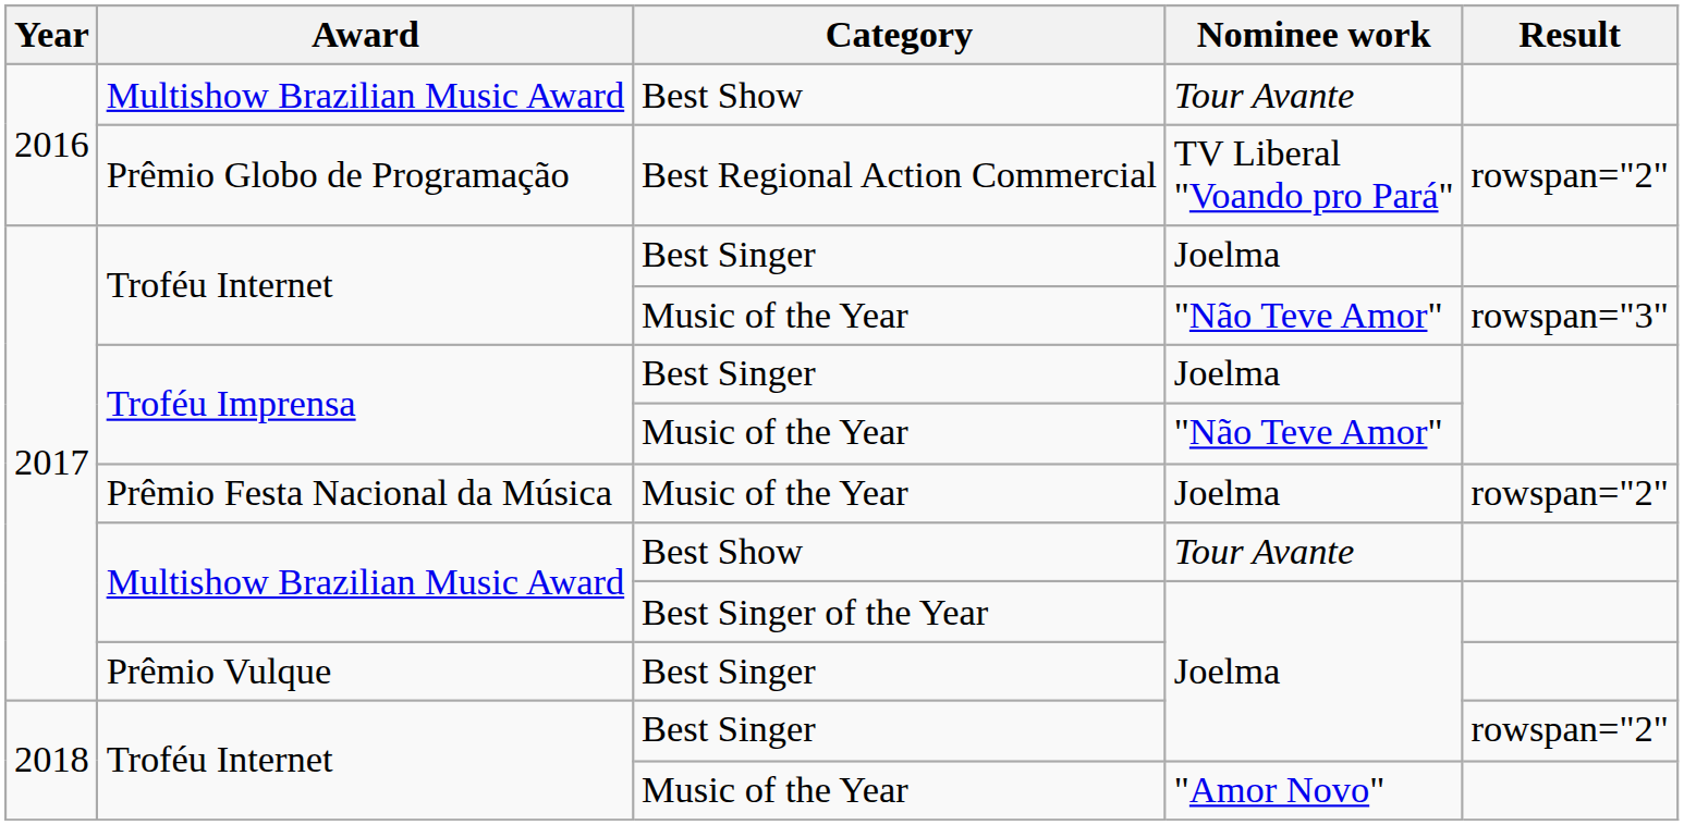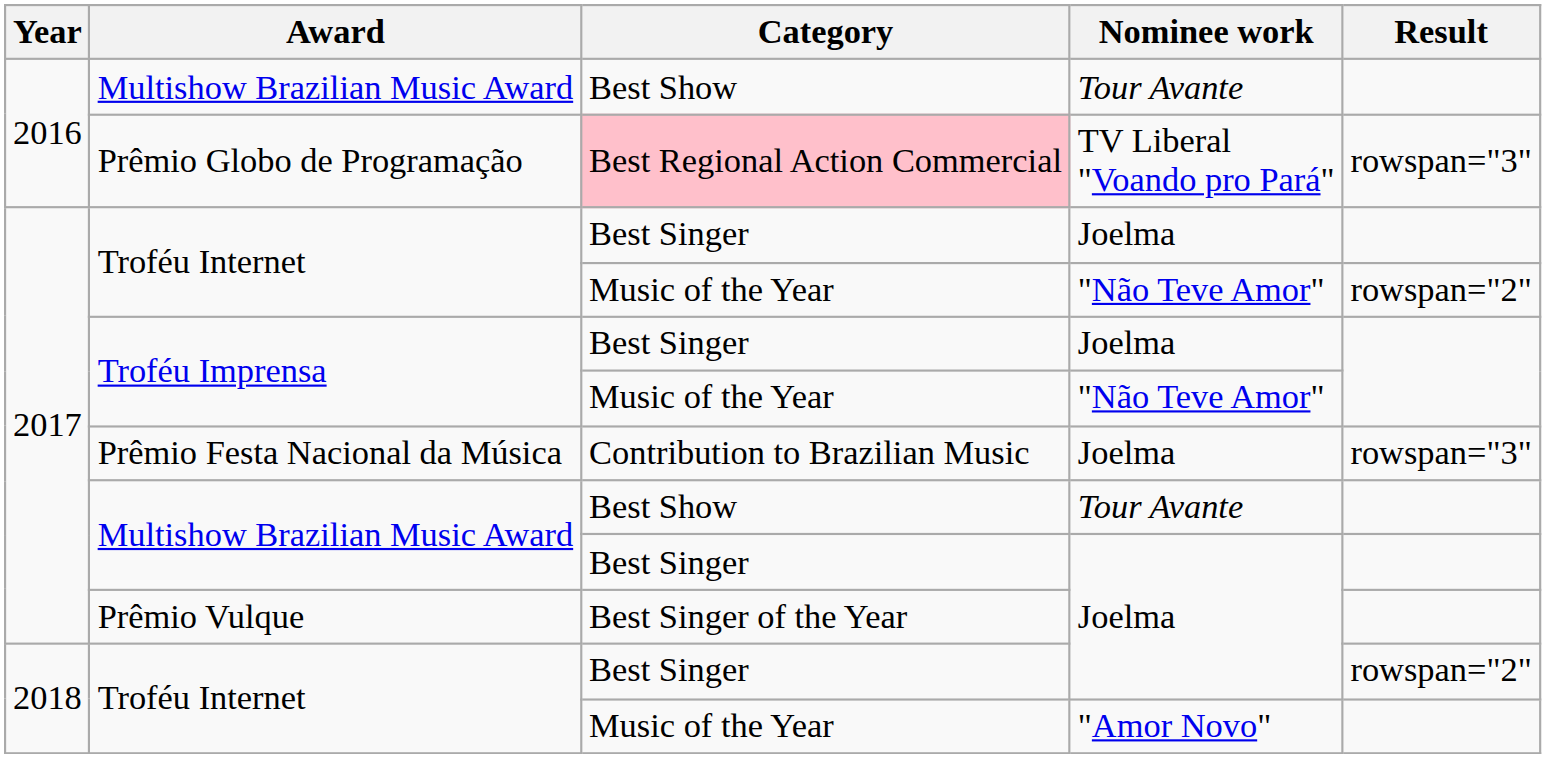 <table class="wikitable">
 <tr>
 <th>Year</th>
 <th>Award</th>
 <th>Category</th>
 <th>Nominee work</th>
 <th>Result</th>
 </tr>
 <tr>
 <td rowspan="2">2016</td>
 <td><a href='#'>Multishow Brazilian Music Award</a></td>
 <td>Best Show</td>
 <td><em>Tour Avante</em></td>
 <td></td>
 </tr>
 <tr>
 <td>Prêmio Globo de Programação</td>
-<td>Best Regional Action Commercial</td>
+<td style="background: pink;">Best Regional Action Commercial</td>
 <td>TV Liberal<br>"<a href='#'>Voando pro Pará</a>"</td>
-<td>rowspan="2" </td>
+<td>rowspan="3" </td>
 </tr>
 <tr>
 <td rowspan="8">2017</td>
 <td rowspan="2">Troféu Internet</td>
 <td>Best Singer</td>
 <td>Joelma</td>
 </tr>
 <tr>
 <td>Music of the Year</td>
 <td>"<a href='#'>Não Teve Amor</a>"</td>
-<td>rowspan="3" </td>
+<td>rowspan="2" </td>
 </tr>
 <tr>
 <td rowspan="2"><a href='#'>Troféu Imprensa</a></td>
 <td>Best Singer</td>
 <td>Joelma</td>
 </tr>
 <tr>
 <td>Music of the Year</td>
 <td>"<a href='#'>Não Teve Amor</a>"</td>
 </tr>
 <tr>
 <td>Prêmio Festa Nacional da Música</td>
-<td>Music of the Year</td>
+<td>Contribution to Brazilian Music</td>
 <td>Joelma</td>
-<td>rowspan="2" </td>
+<td>rowspan="3" </td>
 </tr>
 <tr>
 <td rowspan="2"><a href='#'>Multishow Brazilian Music Award</a></td>
 <td>Best Show</td>
 <td><em>Tour Avante</em></td>
 </tr>
 <tr>
-<td>Best Singer of the Year</td>
+<td>Best Singer</td>
 <td rowspan="3">Joelma</td>
 <td></td>
 </tr>
 <tr>
 <td>Prêmio Vulque</td>
-<td>Best Singer</td>
+<td>Best Singer of the Year</td>
 <td></td>
 </tr>
 <tr>
 <td rowspan="2">2018</td>
 <td rowspan="2">Troféu Internet</td>
 <td>Best Singer</td>
 <td>rowspan="2" </td>
 </tr>
 <tr>
 <td>Music of the Year</td>
 <td>"<a href='#'>Amor Novo</a>"</td>
 </tr>
 </table>
